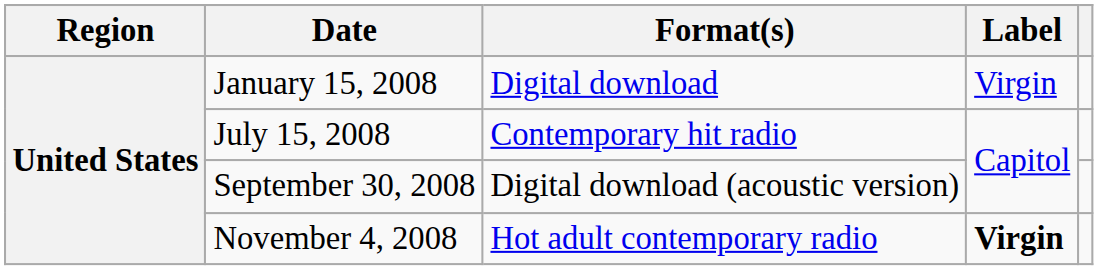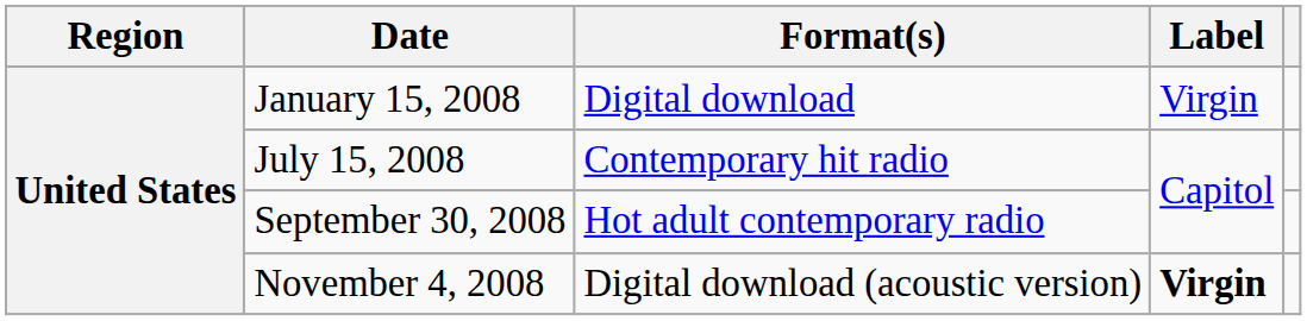 <table class="wikitable plainrowheaders">
 <tr>
 <th scope="col">Region</th>
 <th scope="col">Date</th>
 <th scope="col">Format(s)</th>
 <th scope="col">Label</th>
 <th scope="col"></th>
 </tr>
 <tr>
 <th scope="row" rowspan="4">United States</th>
 <td>January 15, 2008</td>
 <td><a href='#'>Digital download</a></td>
 <td><a href='#'>Virgin</a></td>
 <td></td>
 </tr>
 <tr>
 <td>July 15, 2008</td>
 <td><a href='#'>Contemporary hit radio</a></td>
 <td rowspan="2"><a href='#'>Capitol</a></td>
 <td></td>
 </tr>
 <tr>
 <td>September 30, 2008</td>
-<td>Digital download (acoustic version)</td>
+<td><a href='#'>Hot adult contemporary radio</a></td>
 <td></td>
 </tr>
 <tr>
 <td>November 4, 2008</td>
-<td><a href='#'>Hot adult contemporary radio</a></td>
+<td>Digital download (acoustic version)</td>
 <td><strong>Virgin</strong></td>
 <td></td>
 </tr>
 </table>
